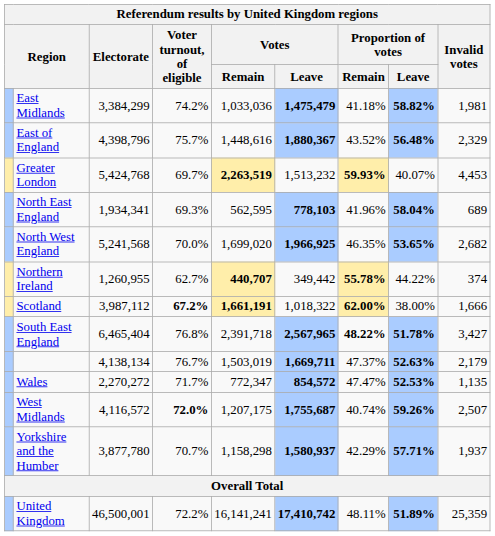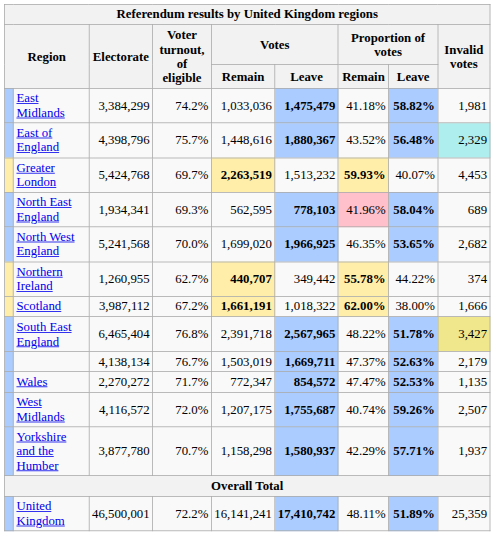 <table class="wikitable sortable">
 <tr>
 <th colspan=10>Referendum results by United Kingdom regions</th>
 </tr>
 <tr>
 <th rowspan=2 colspan=2>Region</th>
 <th rowspan=2>Electorate</th>
 <th rowspan=2>Voter turnout, <br>of eligible</th>
 <th colspan=2>Votes</th>
 <th colspan=2>Proportion of votes</th>
 <th rowspan=2 colspan=2>Invalid votes</th>
 </tr>
 <tr>
 <th>Remain</th>
 <th>Leave</th>
 <th>Remain</th>
 <th>Leave</th>
 </tr>
 <tr>
 <td style="text-align: right; background:#acf;"> </td>
 <td><a href='#'>East Midlands</a></td>
 <td style="text-align: right;">3,384,299</td>
 <td style="text-align: right;">74.2%</td>
 <td style="text-align: right;">1,033,036</td>
 <td style="text-align: right; background:#acf;"><strong>1,475,479</strong></td>
 <td style="text-align: right;">41.18%</td>
 <td style="text-align: right; background:#acf;"><strong>58.82%</strong></td>
 <td style="text-align: right;">1,981</td>
 </tr>
 <tr>
 <td style="text-align: right; background:#acf;"> </td>
 <td><a href='#'>East of England</a></td>
 <td style="text-align: right;">4,398,796</td>
 <td style="text-align: right;">75.7%</td>
 <td style="text-align: right;">1,448,616</td>
 <td style="text-align: right; background:#acf;"><strong>1,880,367</strong></td>
 <td style="text-align: right;">43.52%</td>
 <td style="text-align: right; background:#acf;"><strong>56.48%</strong></td>
-<td style="text-align: right;">2,329</td>
+<td style="background: paleturquoise; text-align: right;">2,329</td>
 </tr>
 <tr>
 <td style="text-align: right; background:#fea;"> </td>
 <td><a href='#'>Greater London</a></td>
 <td style="text-align: right;">5,424,768</td>
 <td style="text-align: right;">69.7%</td>
 <td style="text-align: right; background:#fea;"><strong>2,263,519</strong></td>
 <td style="text-align: right;">1,513,232</td>
 <td style="text-align: right; background:#fea;"><strong>59.93%</strong></td>
 <td style="text-align: right;">40.07%</td>
 <td style="text-align: right;">4,453</td>
 </tr>
 <tr>
 <td style="text-align: right; background:#acf;"> </td>
 <td><a href='#'>North East England</a></td>
 <td style="text-align: right;">1,934,341</td>
 <td style="text-align: right;">69.3%</td>
 <td style="text-align: right;">562,595</td>
 <td style="text-align: right; background:#acf;"><strong>778,103</strong></td>
-<td style="text-align: right;">41.96%</td>
+<td style="background: pink; text-align: right;">41.96%</td>
 <td style="text-align: right; background:#acf;"><strong>58.04%</strong></td>
 <td style="text-align: right;">689</td>
 </tr>
 <tr>
 <td style="text-align: right; background:#acf;"> </td>
 <td><a href='#'>North West England</a></td>
 <td style="text-align: right;">5,241,568</td>
 <td style="text-align: right;">70.0%</td>
 <td style="text-align: right;">1,699,020</td>
 <td style="text-align: right; background:#acf;"><strong>1,966,925</strong></td>
 <td style="text-align: right;">46.35%</td>
 <td style="text-align: right; background:#acf;"><strong>53.65%</strong></td>
 <td style="text-align: right;">2,682</td>
 </tr>
 <tr>
 <td style="text-align: right; background:#fea;"> </td>
 <td><a href='#'>Northern Ireland</a></td>
 <td style="text-align: right;">1,260,955</td>
 <td style="text-align: right;">62.7%</td>
 <td style="text-align: right; background:#fea;"><strong>440,707</strong></td>
 <td style="text-align: right;">349,442</td>
 <td style="text-align: right; background:#fea;"><strong>55.78%</strong></td>
 <td style="text-align: right;">44.22%</td>
 <td style="text-align: right;">374</td>
 </tr>
 <tr>
 <td style="text-align: right; background:#fea;"> </td>
 <td><a href='#'>Scotland</a></td>
 <td style="text-align: right;">3,987,112</td>
-<td style="text-align: right;"><strong>67.2%</strong></td>
+<td style="text-align: right;">67.2%</td>
 <td style="text-align: right; background:#fea;"><strong>1,661,191</strong></td>
 <td style="text-align: right;">1,018,322</td>
 <td style="text-align: right; background:#fea;"><strong>62.00%</strong></td>
 <td style="text-align: right;">38.00%</td>
 <td style="text-align: right;">1,666</td>
 </tr>
 <tr>
 <td style="text-align: right; background:#acf;"> </td>
 <td><a href='#'>South East England</a></td>
 <td style="text-align: right;">6,465,404</td>
 <td style="text-align: right;">76.8%</td>
 <td style="text-align: right;">2,391,718</td>
 <td style="text-align: right; background:#acf;"><strong>2,567,965</strong></td>
-<td style="text-align: right;"><strong>48.22%</strong></td>
+<td style="text-align: right;">48.22%</td>
 <td style="text-align: right; background:#acf;"><strong>51.78%</strong></td>
-<td style="text-align: right;">3,427</td>
+<td style="background: khaki; text-align: right;">3,427</td>
 </tr>
 <tr>
 <td style="text-align: right; background:#acf;"> </td>
 <td></td>
 <td style="text-align: right;">4,138,134</td>
 <td style="text-align: right;">76.7%</td>
 <td style="text-align: right;">1,503,019</td>
 <td style="text-align: right; background:#acf;"><strong>1,669,711</strong></td>
 <td style="text-align: right;">47.37%</td>
 <td style="text-align: right; background:#acf;"><strong>52.63%</strong></td>
 <td style="text-align: right;">2,179</td>
 </tr>
 <tr>
 <td style="text-align: right; background:#acf;"> </td>
 <td><a href='#'>Wales</a></td>
 <td style="text-align: right;">2,270,272</td>
 <td style="text-align: right;">71.7%</td>
 <td style="text-align: right;">772,347</td>
 <td style="text-align: right; background:#acf;"><strong>854,572</strong></td>
 <td style="text-align: right;">47.47%</td>
 <td style="text-align: right; background:#acf;"><strong>52.53%</strong></td>
 <td style="text-align: right;">1,135</td>
 </tr>
 <tr>
 <td style="text-align: right; background:#acf;"> </td>
 <td><a href='#'>West Midlands</a></td>
 <td style="text-align: right;">4,116,572</td>
-<td style="text-align: right;"><strong>72.0%</strong></td>
+<td style="text-align: right;">72.0%</td>
 <td style="text-align: right;">1,207,175</td>
 <td style="text-align: right; background:#acf;"><strong>1,755,687</strong></td>
 <td style="text-align: right;">40.74%</td>
 <td style="text-align: right; background:#acf;"><strong>59.26%</strong></td>
 <td style="text-align: right;">2,507</td>
 </tr>
 <tr>
 <td style="text-align: right; background:#acf;"> </td>
 <td><a href='#'>Yorkshire and the Humber</a></td>
 <td style="text-align: right;">3,877,780</td>
 <td style="text-align: right;">70.7%</td>
 <td style="text-align: right;">1,158,298</td>
 <td style="text-align: right; background:#acf;"><strong>1,580,937</strong></td>
 <td style="text-align: right;">42.29%</td>
 <td style="text-align: right; background:#acf;"><strong>57.71%</strong></td>
 <td style="text-align: right;">1,937</td>
 </tr>
 <tr>
 <th colspan=10>Overall Total</th>
 </tr>
 <tr>
 <td style="text-align: right; background:#acf;"> </td>
 <td><a href='#'>United Kingdom</a></td>
 <td style="text-align: right;">46,500,001</td>
 <td style="text-align: right;">72.2%</td>
 <td style="text-align: right;">16,141,241</td>
 <td style="text-align: right; background:#acf;"><strong>17,410,742</strong></td>
 <td style="text-align: right;">48.11%</td>
 <td style="text-align: right; background:#acf;"><strong>51.89%</strong></td>
 <td style="text-align: right;">25,359</td>
 </tr>
 </table>
